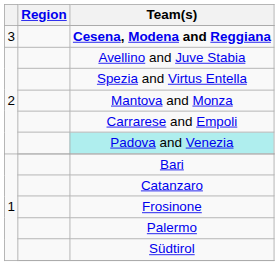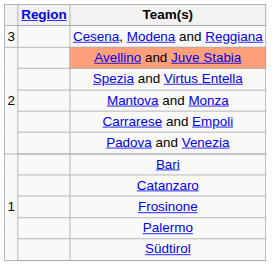 <table class="wikitable" style="text-align:center">
 <tr>
 <th></th>
 <th><a href='#'>Region</a></th>
 <th>Team(s)</th>
 </tr>
 <tr>
 <td rowspan= "2">3</td>
 </tr>
 <tr>
 <td align="left"></td>
-<td><strong><a href='#'>Cesena</a>, <a href='#'>Modena</a> and <a href='#'>Reggiana</a></strong></td>
+<td><a href='#'>Cesena</a>, <a href='#'>Modena</a> and <a href='#'>Reggiana</a></td>
 </tr>
 <tr>
 <td rowspan="5">2</td>
 <td align="left"></td>
-<td><a href='#'>Avellino</a> and <a href='#'>Juve Stabia</a></td>
+<td style="background: lightsalmon;"><a href='#'>Avellino</a> and <a href='#'>Juve Stabia</a></td>
 </tr>
 <tr>
 <td align="left"></td>
 <td><a href='#'>Spezia</a> and <a href='#'>Virtus Entella</a></td>
 </tr>
 <tr>
 <td align="left"></td>
 <td><a href='#'>Mantova</a> and <a href='#'>Monza</a></td>
 </tr>
 <tr>
 <td align="left"></td>
 <td><a href='#'>Carrarese</a> and <a href='#'>Empoli</a></td>
 </tr>
 <tr>
 <td align="left"></td>
-<td style="background: paleturquoise;"><a href='#'>Padova</a> and <a href='#'>Venezia</a></td>
+<td><a href='#'>Padova</a> and <a href='#'>Venezia</a></td>
 </tr>
 <tr>
 <td rowspan="7">1</td>
 </tr>
 <tr>
 <td align="left"></td>
 <td><a href='#'>Bari</a></td>
 </tr>
 <tr>
 <td align="left"></td>
 <td><a href='#'>Catanzaro</a></td>
 </tr>
 <tr>
 <td align="left"></td>
 <td><a href='#'>Frosinone</a></td>
 </tr>
 <tr>
 <td align="left"></td>
 <td><a href='#'>Palermo</a></td>
 </tr>
 <tr>
 <td align="left"></td>
 <td><a href='#'>Südtirol</a></td>
 </tr>
 <tr>
 </tr>
 </table>
